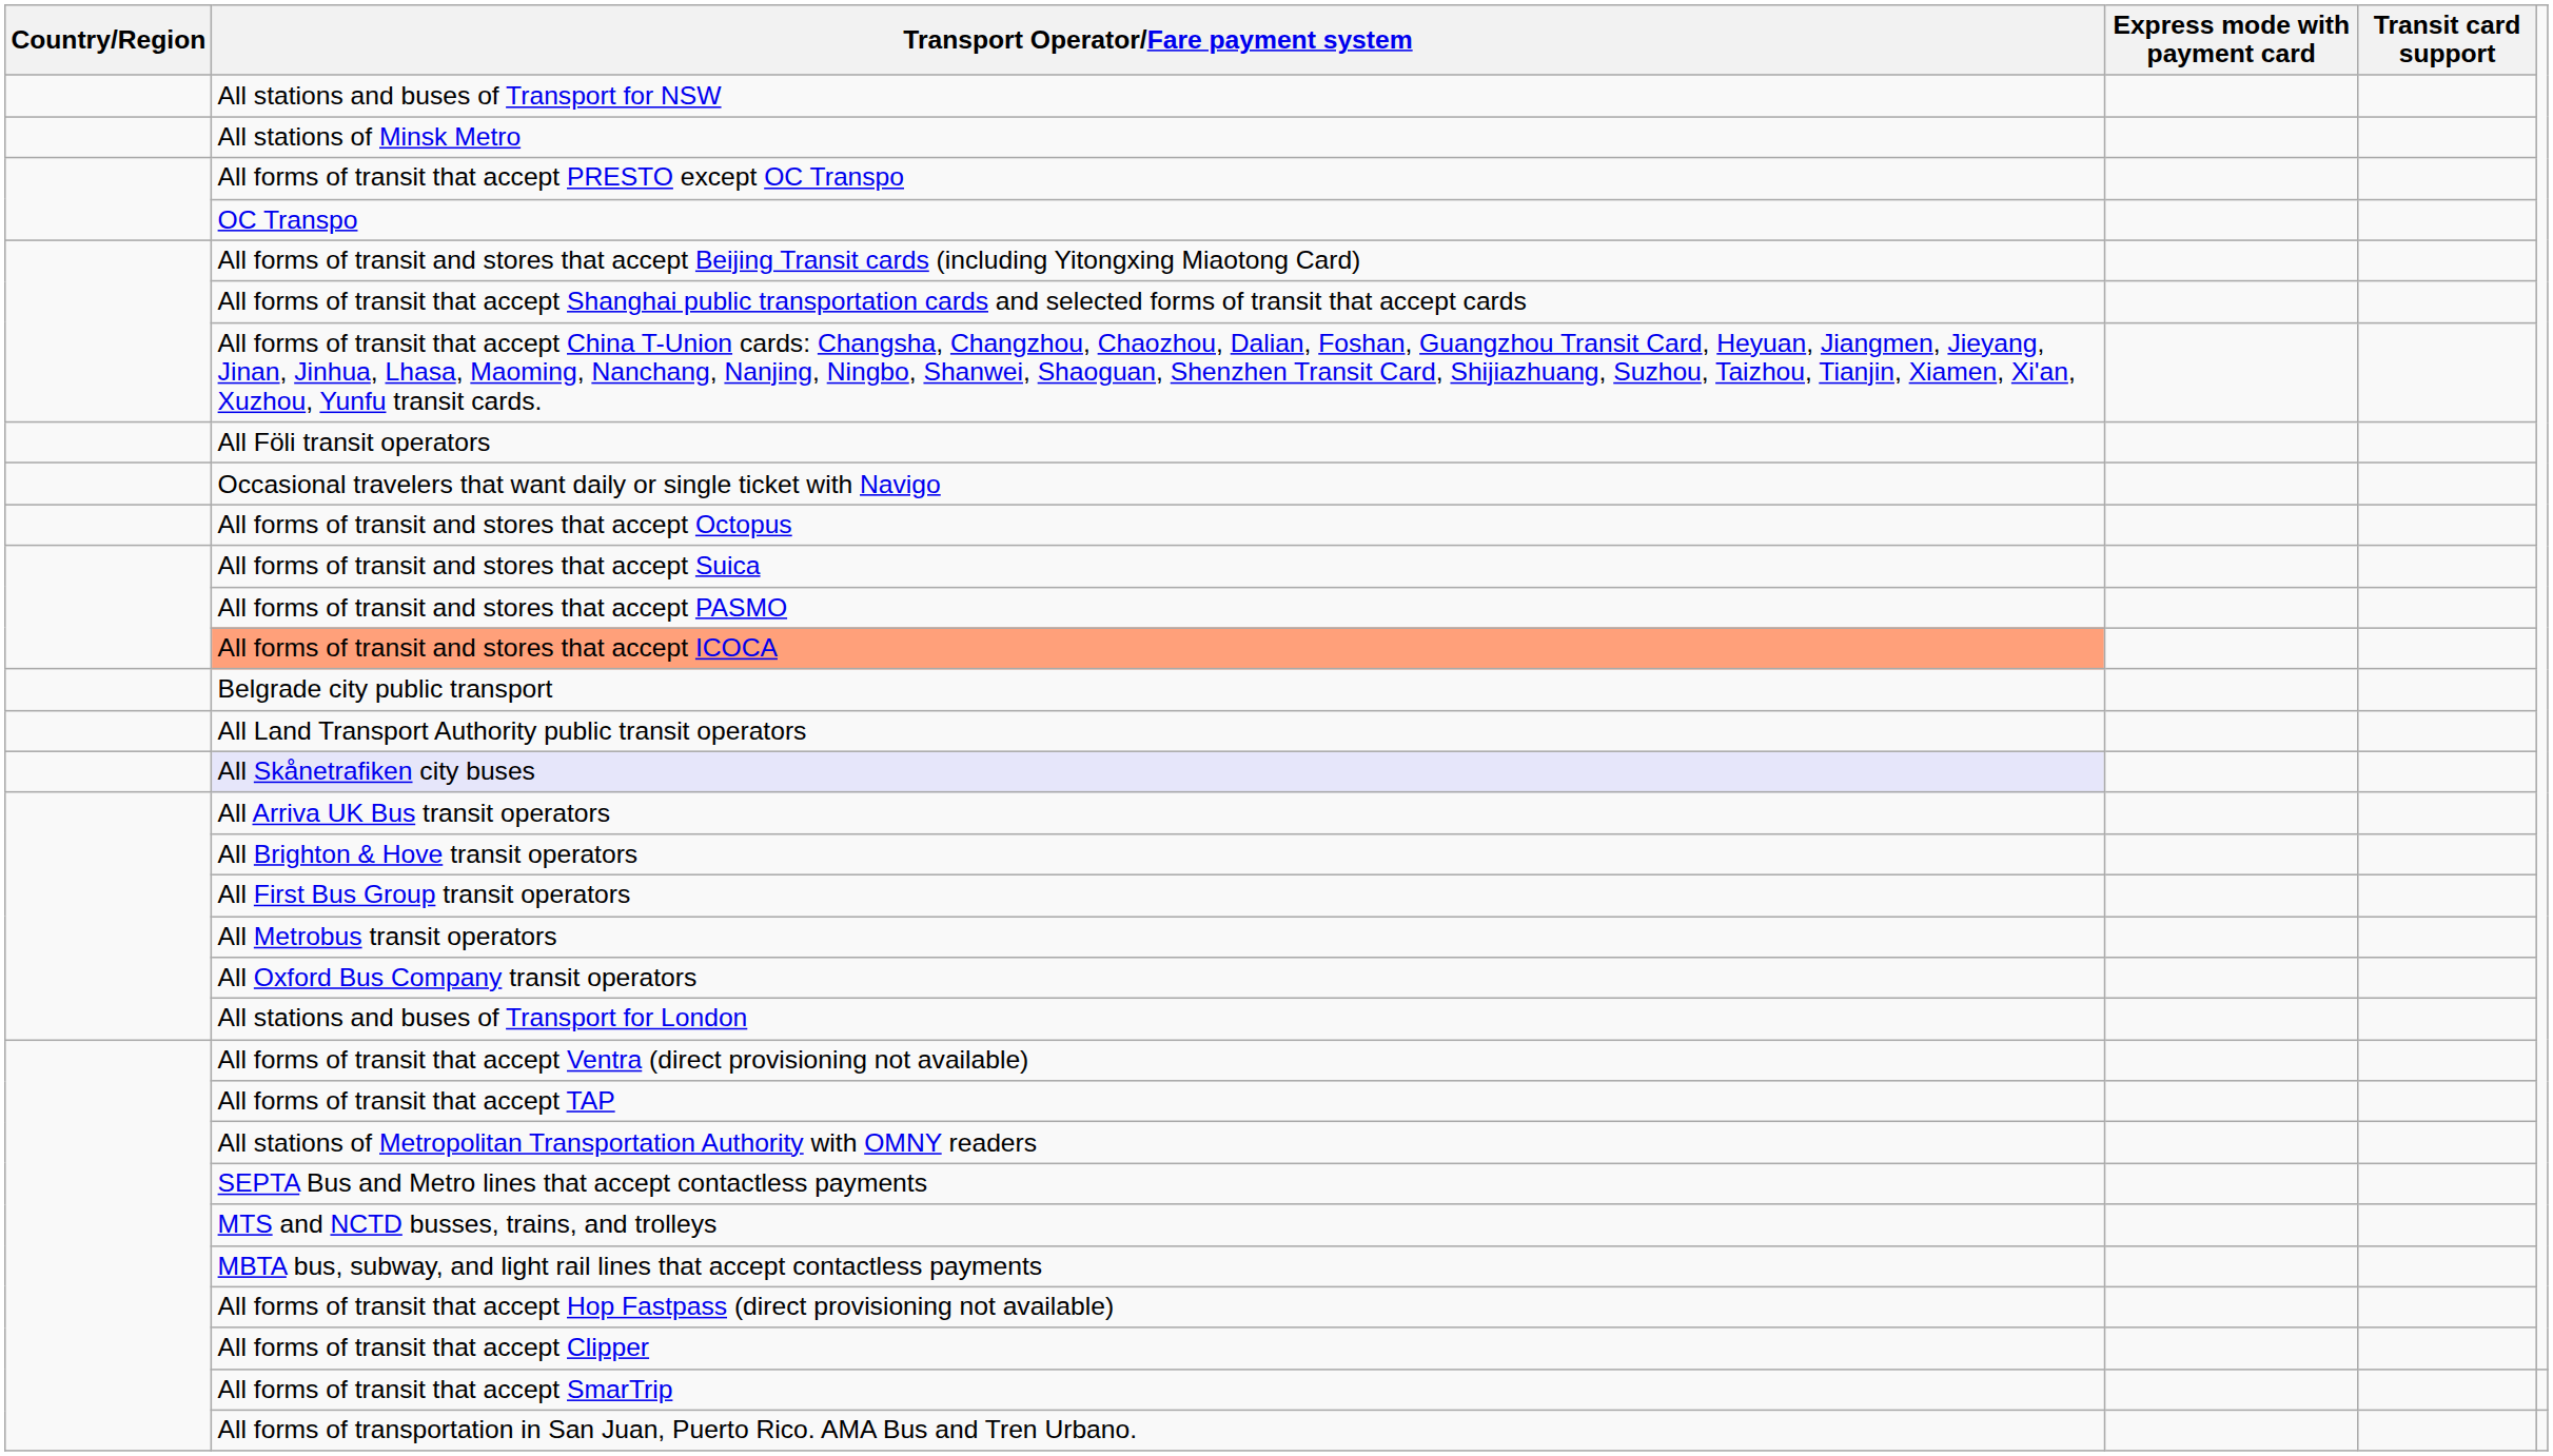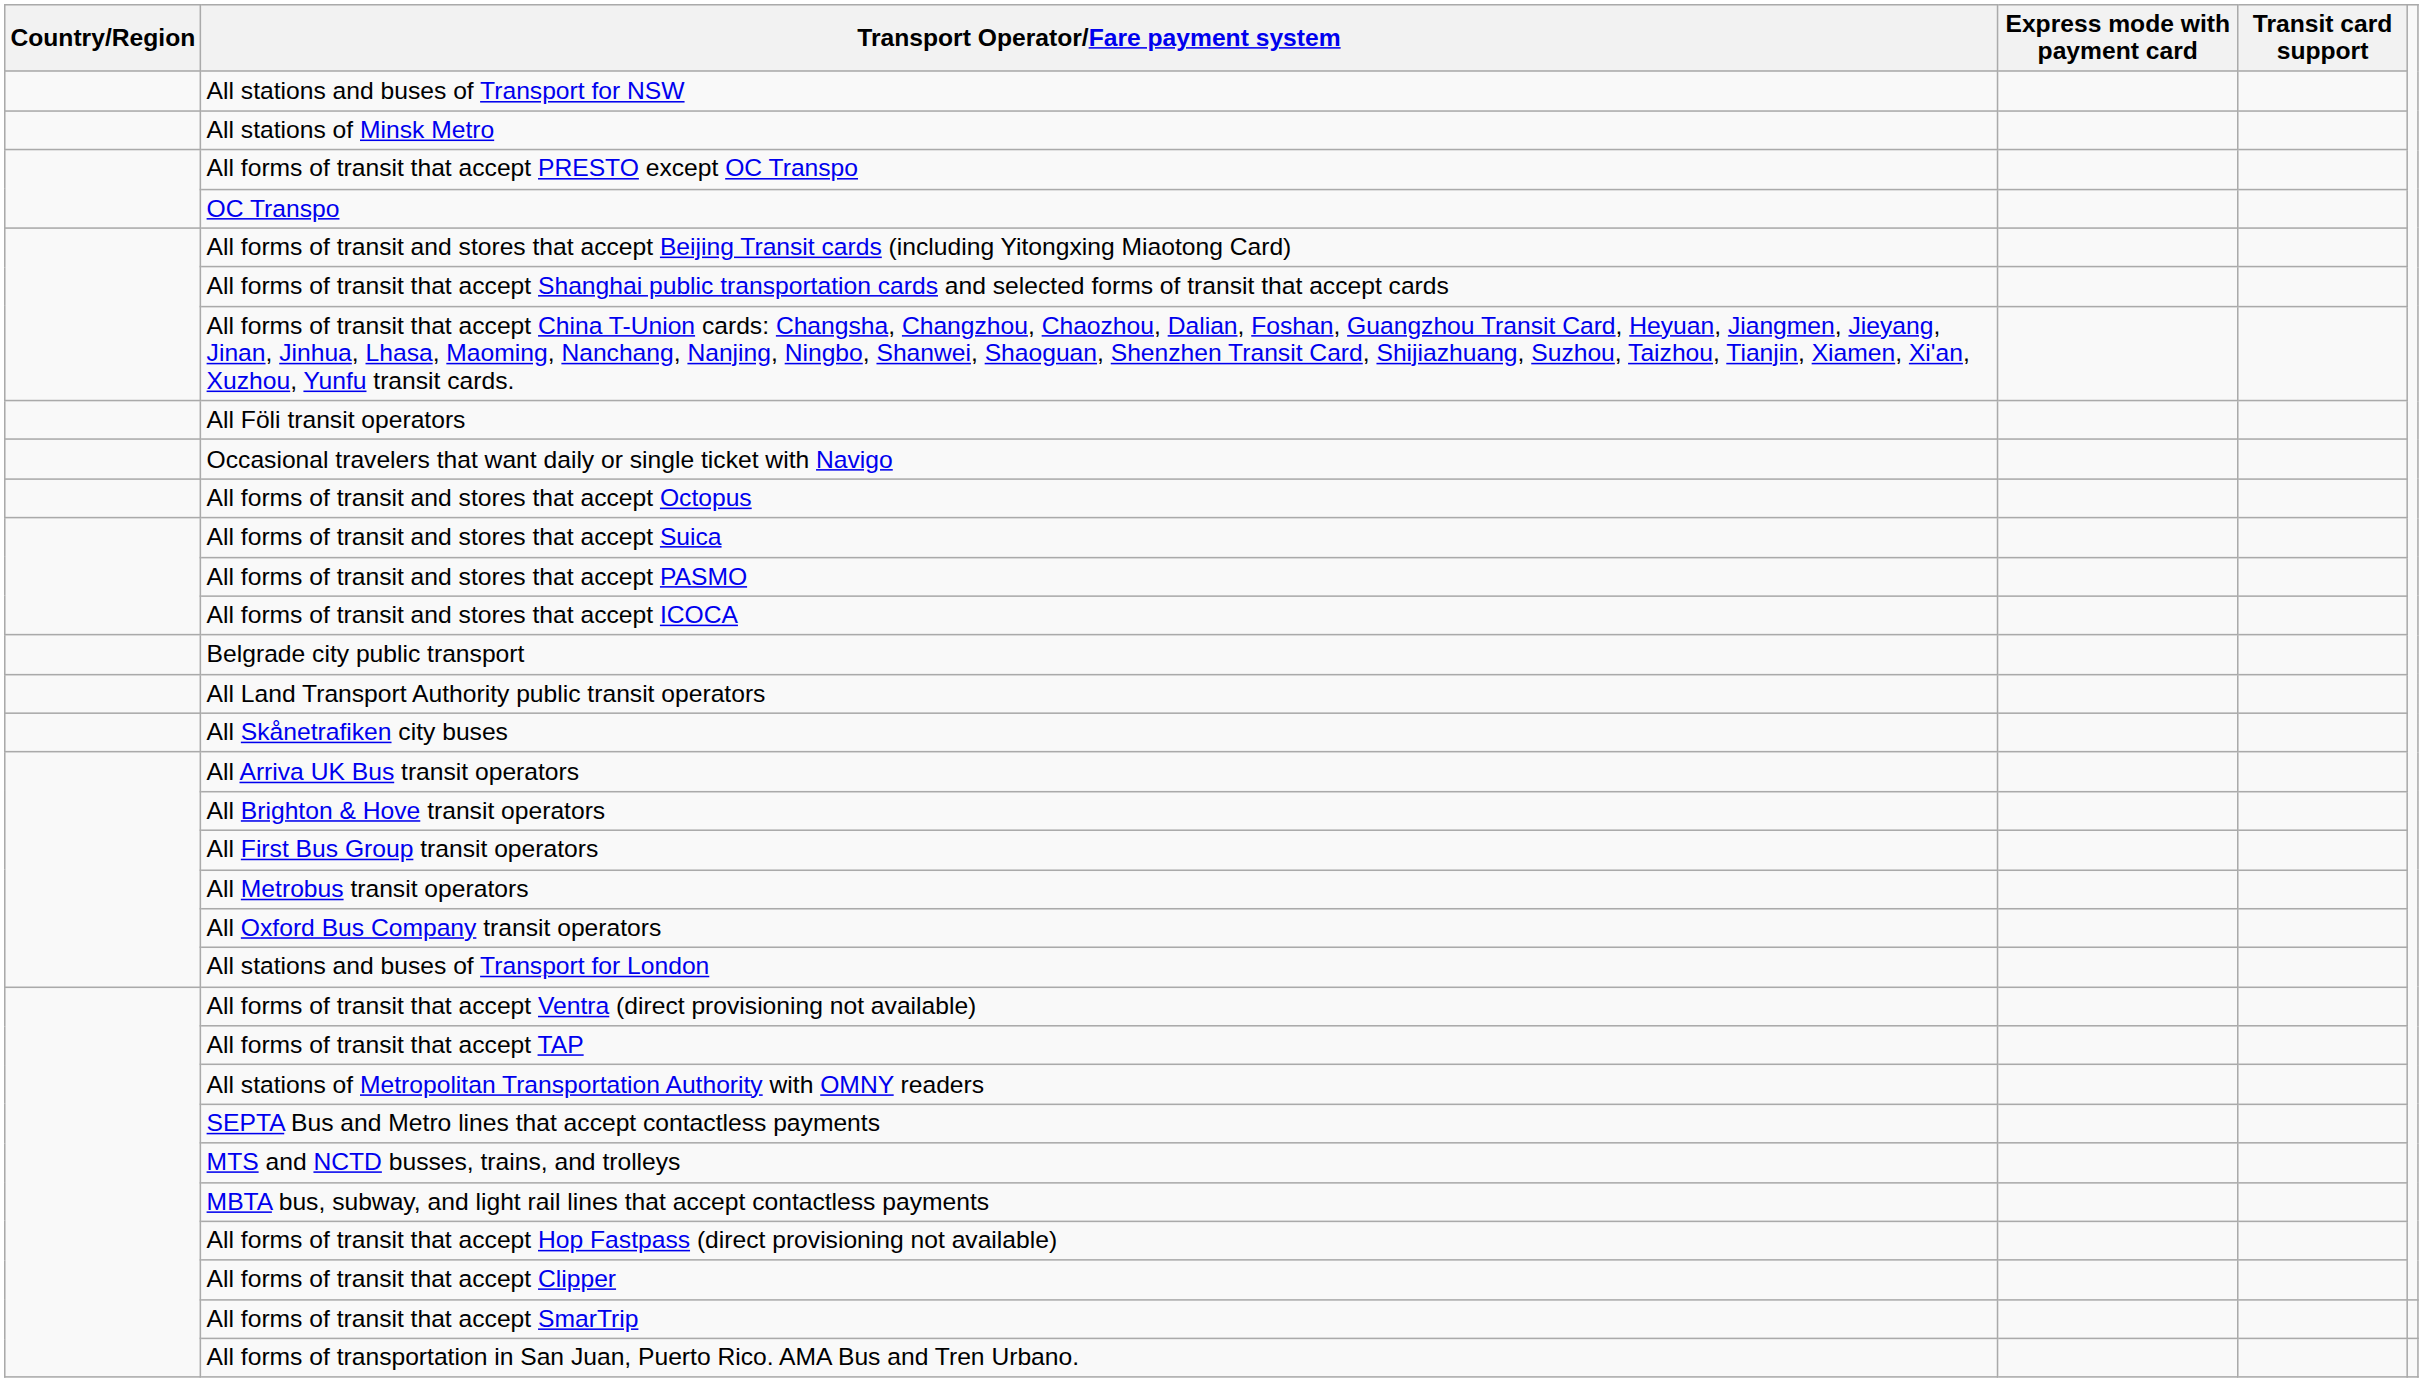 <table class="wikitable sortable">
 <tr>
 <th>Country/Region</th>
 <th>Transport Operator/<a href='#'>Fare payment system</a></th>
 <th>Express mode with payment card</th>
 <th>Transit card support</th>
 </tr>
 <tr>
 <td></td>
 <td>All stations and buses of <a href='#'>Transport for NSW</a></td>
 <td></td>
 <td></td>
 </tr>
 <tr>
 <td></td>
 <td>All stations of <a href='#'>Minsk Metro</a></td>
 <td></td>
 <td></td>
 </tr>
 <tr>
 <td rowspan="2"></td>
 <td>All forms of transit that accept <a href='#'>PRESTO</a> except <a href='#'>OC Transpo</a></td>
 <td></td>
 <td></td>
 </tr>
 <tr>
 <td><a href='#'>OC Transpo</a></td>
 <td></td>
 <td></td>
 </tr>
 <tr>
 <td rowspan="3"></td>
 <td>All forms of transit and stores that accept <a href='#'>Beijing Transit cards</a> (including Yitongxing Miaotong Card)</td>
 <td></td>
 <td></td>
 </tr>
 <tr>
 <td>All forms of transit that accept <a href='#'>Shanghai public transportation cards</a> and selected forms of transit that accept  cards</td>
 <td></td>
 <td></td>
 </tr>
 <tr>
 <td>All forms of transit that accept <a href='#'>China T-Union</a> cards: <a href='#'>Changsha</a>, <a href='#'>Changzhou</a>, <a href='#'>Chaozhou</a>, <a href='#'>Dalian</a>, <a href='#'>Foshan</a>, <a href='#'>Guangzhou Transit Card</a>, <a href='#'>Heyuan</a>, <a href='#'>Jiangmen</a>, <a href='#'>Jieyang</a>, <a href='#'>Jinan</a>, <a href='#'>Jinhua</a>, <a href='#'>Lhasa</a>, <a href='#'>Maoming</a>, <a href='#'>Nanchang</a>, <a href='#'>Nanjing</a>, <a href='#'>Ningbo</a>, <a href='#'>Shanwei</a>, <a href='#'>Shaoguan</a>, <a href='#'>Shenzhen Transit Card</a>, <a href='#'>Shijiazhuang</a>, <a href='#'>Suzhou</a>, <a href='#'>Taizhou</a>, <a href='#'>Tianjin</a>, <a href='#'>Xiamen</a>, <a href='#'>Xi'an</a>, <a href='#'>Xuzhou</a>, <a href='#'>Yunfu</a> transit cards.</td>
 <td></td>
 <td></td>
 </tr>
 <tr>
 <td></td>
 <td>All Föli transit operators</td>
 <td></td>
 <td></td>
 </tr>
 <tr>
 <td></td>
 <td>Occasional travelers that want daily or single ticket with <a href='#'>Navigo</a></td>
 <td></td>
 <td></td>
 </tr>
 <tr>
 <td></td>
 <td All forms of transit and stores that accept Octopus>All forms of transit and stores that accept <a href='#'>Octopus</a></td>
 <td></td>
 <td></td>
 </tr>
 <tr>
 <td rowspan="3"></td>
 <td All forms of transit and stores that accept Suica>All forms of transit and stores that accept <a href='#'>Suica</a></td>
 <td></td>
 <td></td>
 </tr>
 <tr>
 <td All forms of transit and stores that accept PASMO>All forms of transit and stores that accept <a href='#'>PASMO</a></td>
 <td></td>
 <td></td>
 </tr>
 <tr>
-<td All forms of transit and stores that accept ICOCA style="background: lightsalmon;">All forms of transit and stores that accept <a href='#'>ICOCA</a></td>
+<td All forms of transit and stores that accept ICOCA>All forms of transit and stores that accept <a href='#'>ICOCA</a></td>
 <td></td>
 <td></td>
 </tr>
 <tr>
 <td></td>
 <td>Belgrade city public transport</td>
 <td></td>
 <td></td>
 </tr>
 <tr>
 <td></td>
 <td>All Land Transport Authority public transit operators</td>
 <td></td>
 <td></td>
 </tr>
 <tr>
 <td></td>
-<td style="background: lavender;">All <a href='#'>Skånetrafiken</a> city buses</td>
+<td>All <a href='#'>Skånetrafiken</a> city buses</td>
 <td></td>
 <td></td>
 </tr>
 <tr>
 <td rowspan="6"></td>
 <td>All <a href='#'>Arriva UK Bus</a> transit operators</td>
 <td></td>
 <td></td>
 </tr>
 <tr>
 <td>All <a href='#'>Brighton & Hove</a> transit operators</td>
 <td></td>
 <td></td>
 </tr>
 <tr>
 <td>All <a href='#'>First Bus Group</a> transit operators</td>
 <td></td>
 <td></td>
 </tr>
 <tr>
 <td>All <a href='#'>Metrobus</a> transit operators</td>
 <td></td>
 <td></td>
 </tr>
 <tr>
 <td>All <a href='#'>Oxford Bus Company</a> transit operators</td>
 <td></td>
 <td></td>
 </tr>
 <tr>
 <td>All stations and buses of <a href='#'>Transport for London</a></td>
 <td></td>
 <td></td>
 </tr>
 <tr>
 <td rowspan="10"></td>
 <td>All forms of transit that accept <a href='#'>Ventra</a> (direct provisioning not available)</td>
 <td></td>
 <td></td>
 </tr>
 <tr>
 <td All forms of transit that accept TAP>All forms of transit that accept <a href='#'>TAP</a></td>
 <td></td>
 <td></td>
 </tr>
 <tr>
 <td>All stations of <a href='#'>Metropolitan Transportation Authority</a> with <a href='#'>OMNY</a> readers</td>
 <td></td>
 <td></td>
 </tr>
 <tr>
 <td><a href='#'>SEPTA</a> Bus and Metro lines that accept contactless payments</td>
 <td></td>
 <td></td>
 </tr>
 <tr>
 <td><a href='#'>MTS</a> and <a href='#'>NCTD</a> busses, trains, and trolleys</td>
 <td></td>
 <td></td>
 </tr>
 <tr>
 <td><a href='#'>MBTA</a> bus, subway, and light rail lines that accept contactless payments</td>
 <td></td>
 <td></td>
 </tr>
 <tr>
 <td>All forms of transit that accept <a href='#'>Hop Fastpass</a> (direct provisioning not available)</td>
 <td></td>
 <td></td>
 </tr>
 <tr>
 <td All forms of transit that accept Clipper>All forms of transit that accept <a href='#'>Clipper</a></td>
 <td></td>
 <td></td>
 </tr>
 <tr>
 <td All forms of transit that accept SmarTrip / U-Pass>All forms of transit that accept <a href='#'>SmarTrip</a></td>
 <td></td>
 <td></td>
 <td></td>
 </tr>
 <tr>
 <td>All forms of transportation in San Juan, Puerto Rico. AMA Bus and Tren Urbano.</td>
 <td></td>
 <td></td>
 </tr>
 </table>
